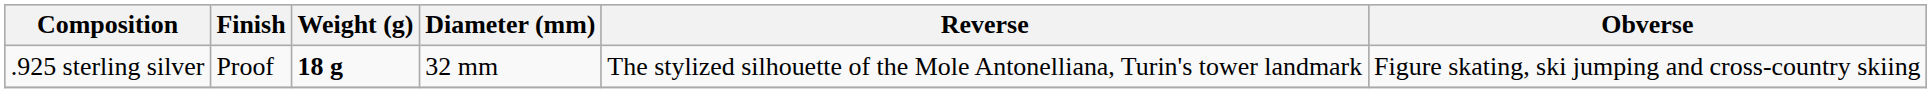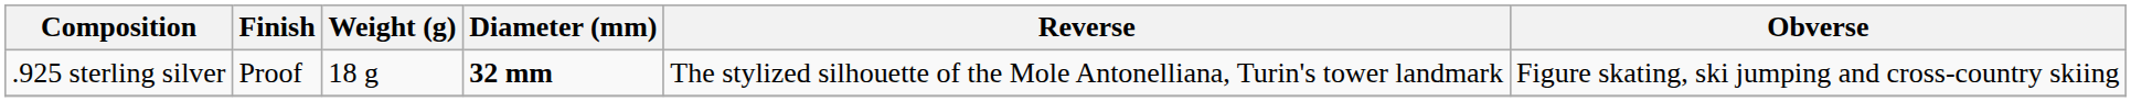 <table class="wikitable">
 <tr>
 <th>Composition</th>
 <th>Finish</th>
 <th>Weight (g)</th>
 <th>Diameter (mm)</th>
 <th>Reverse</th>
 <th>Obverse</th>
 </tr>
 <tr>
 <td>.925 sterling silver</td>
 <td>Proof</td>
-<td><strong>18 g</strong></td>
-<td>32 mm</td>
+<td>18 g</td>
+<td><strong>32 mm</strong></td>
 <td>The stylized silhouette of the Mole Antonelliana, Turin's tower landmark</td>
 <td>Figure skating, ski jumping and cross-country skiing</td>
 </tr>
 <tr>
 </tr>
 </table>
